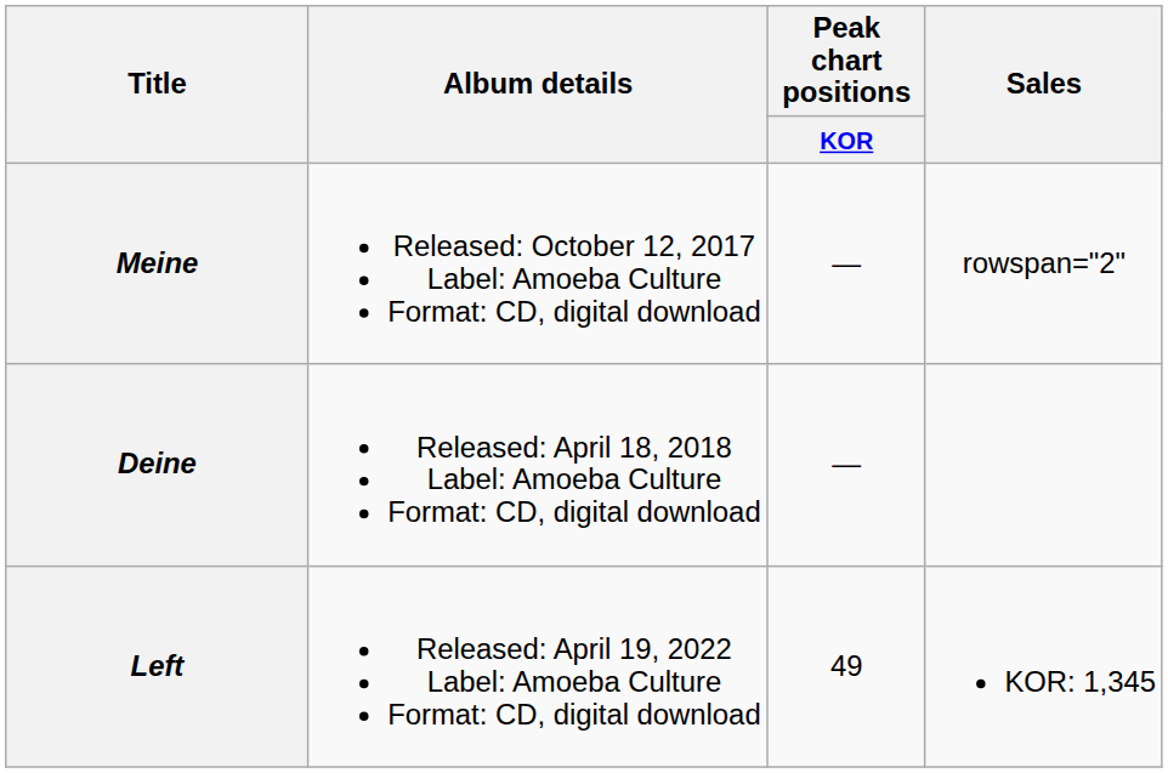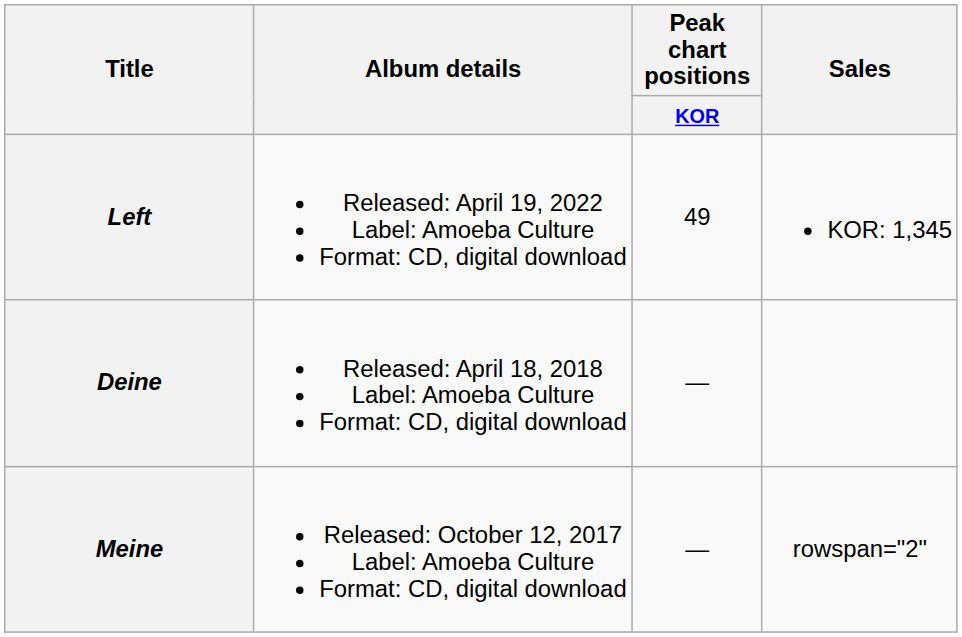 <table class="wikitable plainrowheaders" style="text-align:center;">
 <tr>
 <th style="width:10em;" rowspan="2">Title</th>
 <th scope="col" rowspan="2">Album details</th>
 <th scope="col" colspan="1" style="width:5em;">Peak chart positions</th>
 <th scope="col" rowspan="2">Sales</th>
 </tr>
 <tr>
 <th><small><a href='#'>KOR</a></small><br></th>
 </tr>
 <tr>
-<th scope="row"><em>Meine</em></th>
-<td><br><ul><li>Released: October 12, 2017</li><li>Label: Amoeba Culture</li><li>Format: CD, digital download</li></ul></td>
-<td>—</td>
-<td>rowspan="2" </td>
+<th scope="row"><em>Left</em></th>
+<td><br><ul><li>Released: April 19, 2022</li><li>Label: Amoeba Culture</li><li>Format: CD, digital download</li></ul></td>
+<td>49</td>
+<td><br><ul><li>KOR: 1,345</li></ul></td>
 </tr>
 <tr>
 <th scope="row"><em>Deine</em></th>
 <td><br><ul><li>Released: April 18, 2018</li><li>Label: Amoeba Culture</li><li>Format: CD, digital download</li></ul></td>
 <td>—</td>
 </tr>
 <tr>
-<th scope="row"><em>Left</em></th>
-<td><br><ul><li>Released: April 19, 2022</li><li>Label: Amoeba Culture</li><li>Format: CD, digital download</li></ul></td>
-<td>49</td>
-<td><br><ul><li>KOR: 1,345</li></ul></td>
+<th scope="row"><em>Meine</em></th>
+<td><br><ul><li>Released: October 12, 2017</li><li>Label: Amoeba Culture</li><li>Format: CD, digital download</li></ul></td>
+<td>—</td>
+<td>rowspan="2" </td>
 </tr>
 </table>
